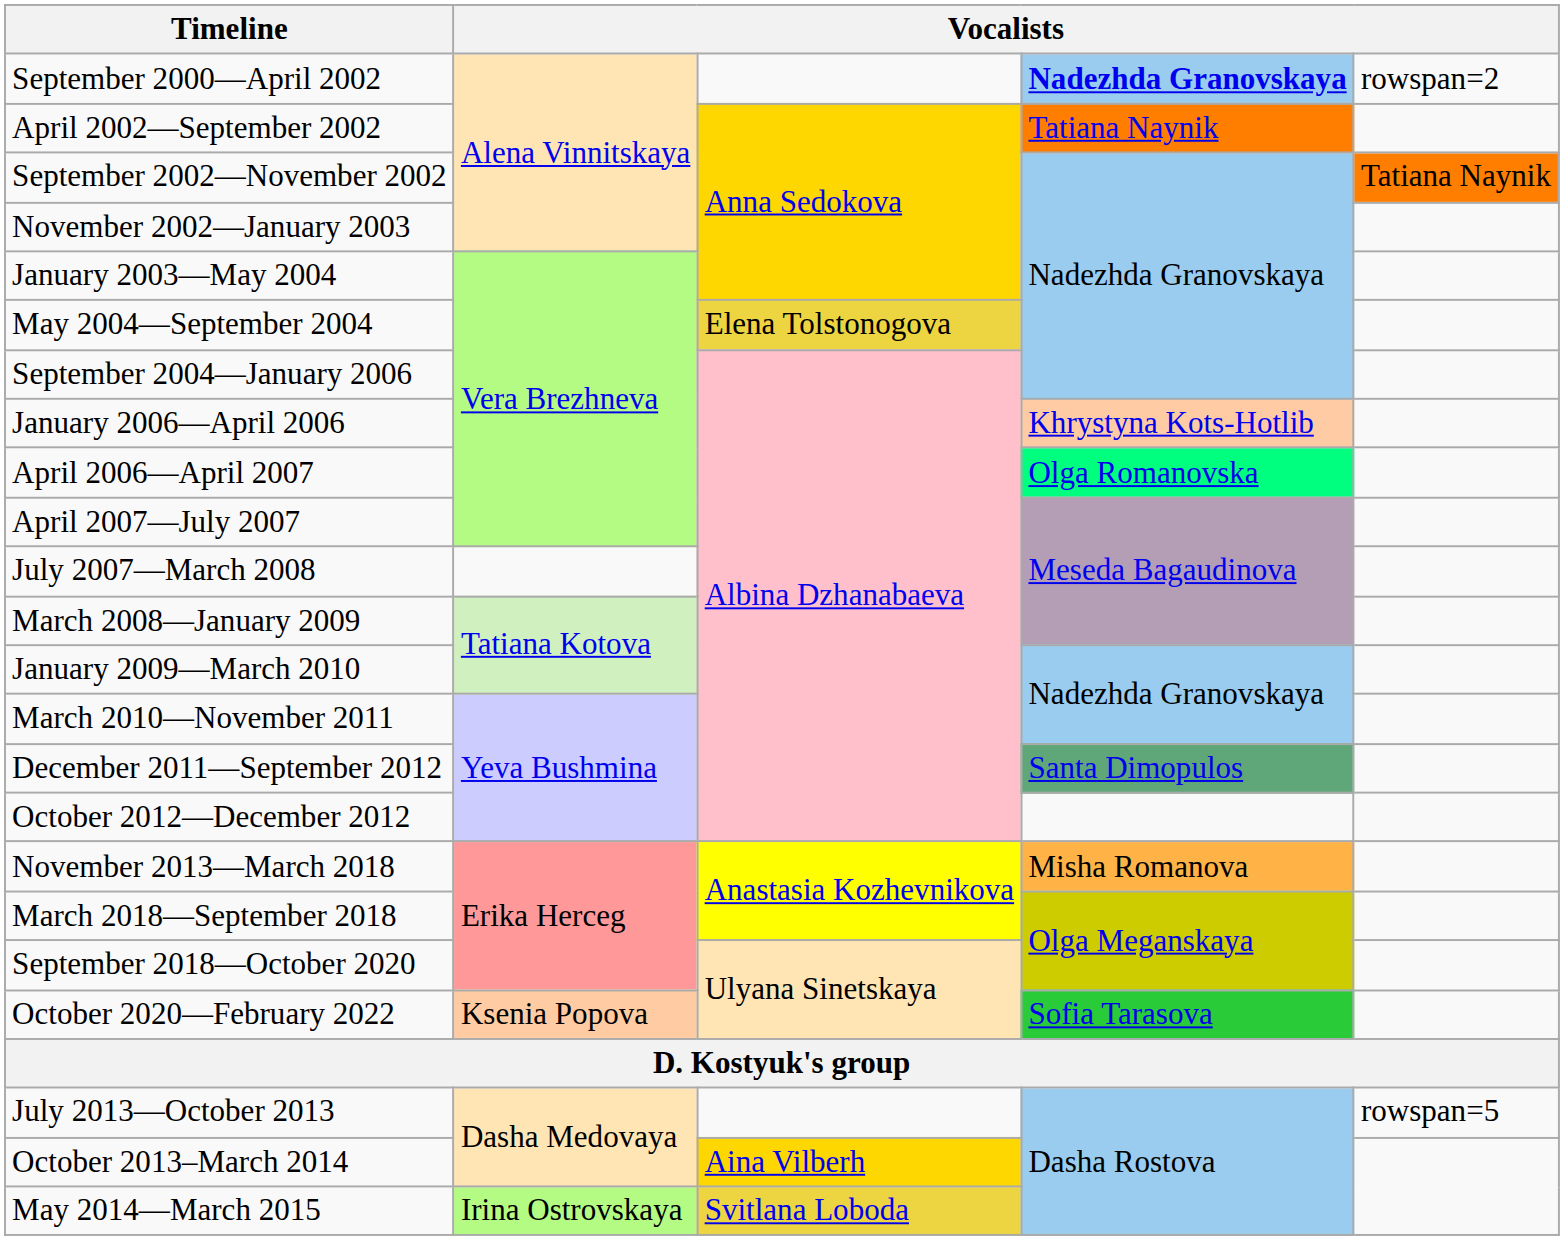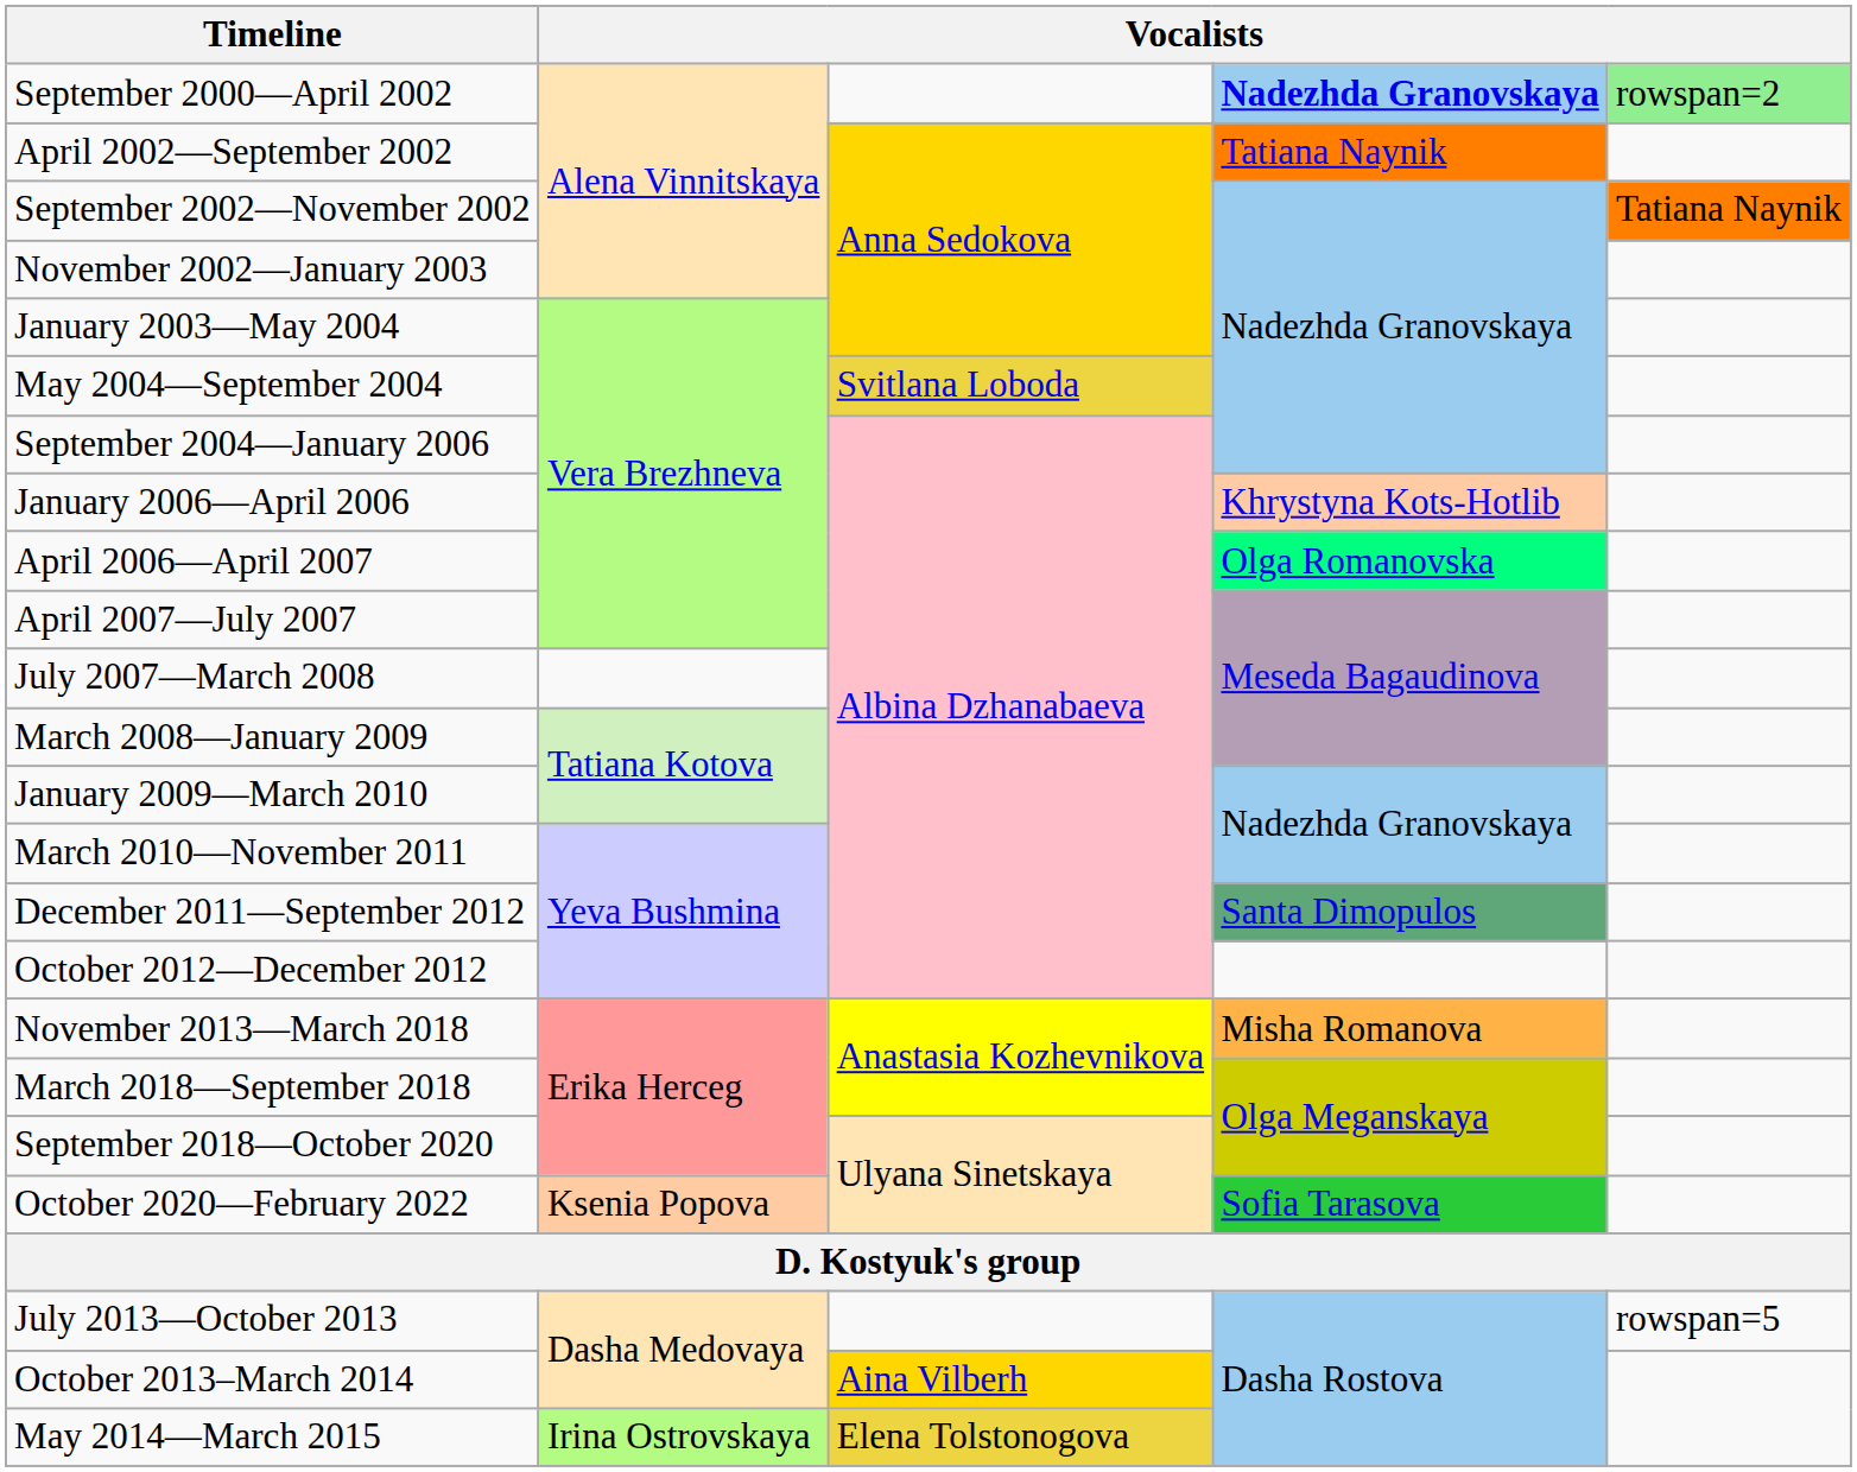 <table class="wikitable plainrowheaders">
 <tr>
 <th>Timeline</th>
 <th colspan="4">Vocalists</th>
 </tr>
 <tr>
 <td>September 2000—April 2002</td>
 <td rowspan="4" style="background:#FFE5B4"><a href='#'>Alena Vinnitskaya</a></td>
 <td></td>
 <td style="background:#99CCEE;"><strong><a href='#'>Nadezhda Granovskaya</a></strong></td>
-<td>rowspan=2 </td>
+<td style="background: lightgreen;">rowspan=2 </td>
 </tr>
 <tr>
 <td>April 2002—September 2002</td>
 <td rowspan="4" style="background:gold"><a href='#'>Anna Sedokova</a></td>
 <td style="background:#FF7E00;"><a href='#'>Tatiana Naynik</a></td>
 </tr>
 <tr>
 <td>September 2002—November 2002</td>
 <td rowspan="5" style="background:#99CCEE;">Nadezhda Granovskaya</td>
 <td style="background:#FF7E00;">Tatiana Naynik</td>
 </tr>
 <tr>
 <td>November 2002—January 2003</td>
 <td></td>
 </tr>
 <tr>
 <td>January 2003—May 2004</td>
 <td rowspan="6" style="background:#B4FB84"><a href='#'>Vera Brezhneva</a></td>
 <td></td>
 </tr>
 <tr>
 <td>May 2004—September 2004</td>
-<td style="background:#ECD540;">Elena Tolstonogova</td>
+<td style="background:#ECD540;"><a href='#'>Svitlana Loboda</a></td>
 <td></td>
 </tr>
 <tr>
 <td>September 2004—January 2006</td>
 <td rowspan="10"  style="background:Pink"><a href='#'>Albina Dzhanabaeva</a></td>
 <td></td>
 </tr>
 <tr>
 <td>January 2006—April 2006</td>
 <td style="background:#FFCBA4"><a href='#'>Khrystyna Kots-Hotlib</a></td>
 <td></td>
 </tr>
 <tr>
 <td>April 2006—April 2007</td>
 <td style="background:#00FF7F"><a href='#'>Olga Romanovska</a></td>
 <td></td>
 </tr>
 <tr>
 <td>April 2007—July 2007</td>
 <td rowspan="3" style="background:#B39EB5"><a href='#'>Meseda Bagaudinova</a></td>
 <td></td>
 </tr>
 <tr>
 <td>July 2007—March 2008</td>
 <td></td>
 <td></td>
 </tr>
 <tr>
 <td>March 2008—January 2009</td>
 <td rowspan="2" style="background:#d0f0c0"><a href='#'>Tatiana Kotova</a></td>
 <td></td>
 </tr>
 <tr>
 <td>January 2009—March 2010</td>
 <td rowspan="2" style="background:#99CCEE;">Nadezhda Granovskaya</td>
 <td></td>
 </tr>
 <tr>
 <td>March 2010—November 2011</td>
 <td rowspan="3" style="background:#ccf;"><a href='#'>Yeva Bushmina</a></td>
 <td></td>
 </tr>
 <tr>
 <td>December 2011—September 2012</td>
 <td style="background:#5FA778"><a href='#'>Santa Dimopulos</a></td>
 <td></td>
 </tr>
 <tr>
 <td>October 2012—December 2012</td>
 <td></td>
 <td></td>
 </tr>
 <tr>
 <td>November 2013—March 2018</td>
 <td rowspan=3 style="background:#f99;">Erika Herceg</td>
 <td rowspan=2 style="background:yellow"><a href='#'>Anastasia Kozhevnikova</a></td>
 <td style="background:#FFB347">Misha Romanova</td>
 <td></td>
 </tr>
 <tr>
 <td>March 2018—September 2018</td>
 <td rowspan=2 bgcolor=#cccc><a href='#'>Olga Meganskaya</a></td>
 <td></td>
 </tr>
 <tr>
 <td>September 2018—October 2020</td>
 <td rowspan=2 style="background:#FFE5B4">Ulyana Sinetskaya</td>
 <td></td>
 </tr>
 <tr>
 <td>October 2020—February 2022</td>
 <td style="background:#FFCBA2">Ksenia Popova</td>
 <td style="background:#2ACB39"><a href='#'>Sofia Tarasova</a></td>
 <td></td>
 </tr>
 <tr>
 <th colspan="5">D. Kostyuk's group</th>
 </tr>
 <tr>
 <td>July 2013—October 2013</td>
 <td rowspan="2" style="background:#FFE5B4">Dasha Medovaya</td>
 <td></td>
 <td rowspan="3" style="background:#99CCEE;">Dasha Rostova</td>
 <td>rowspan=5 </td>
 </tr>
 <tr>
 <td>October 2013–March 2014</td>
 <td style="background:gold"><a href='#'>Aina Vilberh</a></td>
 </tr>
 <tr>
 <td>May 2014—March 2015</td>
 <td style="background:#B4FB84">Irina Ostrovskaya</td>
-<td style="background:#ECD540;"><a href='#'>Svitlana Loboda</a></td>
+<td style="background:#ECD540;">Elena Tolstonogova</td>
 </tr>
 </table>
